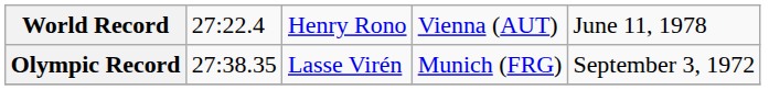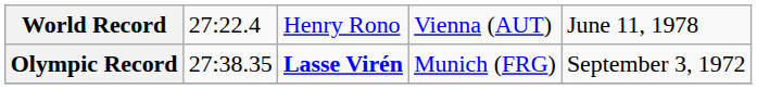 <table class="wikitable" style="font-size:95%;">
 <tr>
 <th>World Record</th>
 <td>27:22.4</td>
 <td> <a href='#'>Henry Rono</a></td>
 <td><a href='#'>Vienna</a> (<a href='#'>AUT</a>)</td>
 <td>June 11, 1978</td>
 </tr>
 <tr>
 <th>Olympic Record</th>
 <td>27:38.35</td>
-<td> <a href='#'>Lasse Virén</a></td>
+<td><strong> <a href='#'>Lasse Virén</a></strong></td>
 <td><a href='#'>Munich</a> (<a href='#'>FRG</a>)</td>
 <td>September 3, 1972</td>
 </tr>
 <tr>
 </tr>
 </table>
